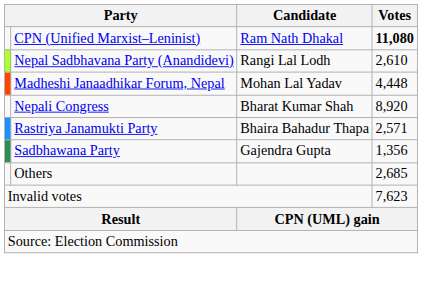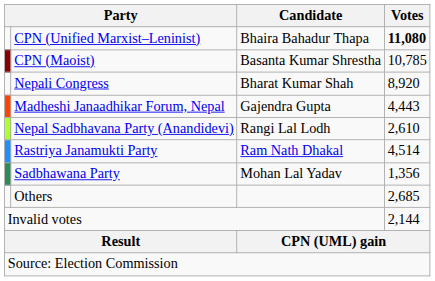 <table class="wikitable">
 <tr>
 <th colspan="2">Party</th>
 <th>Candidate</th>
 <th>Votes</th>
 </tr>
 <tr>
 <td style="background-color:"></td>
 <td><a href='#'>CPN (Unified Marxist–Leninist)</a></td>
-<td><a href='#'>Ram Nath Dhakal</a></td>
+<td>Bhaira Bahadur Thapa</td>
 <td><strong>11,080</strong></td>
+</tr>
+<tr>
+<td style="background-color:darkred"></td>
+<td><a href='#'>CPN (Maoist)</a></td>
+<td>Basanta Kumar Shrestha</td>
+<td>10,785</td>
+</tr>
+<tr>
+<td style="background-color:"></td>
+<td><a href='#'>Nepali Congress</a></td>
+<td>Bharat Kumar Shah</td>
+<td>8,920</td>
+</tr>
+<tr>
+<td style="background-color:orangered"></td>
+<td><a href='#'>Madheshi Janaadhikar Forum, Nepal</a></td>
+<td>Gajendra Gupta</td>
+<td>4,443</td>
 </tr>
 <tr>
 <td style="background-color:greenyellow"></td>
 <td><a href='#'>Nepal Sadbhavana Party (Anandidevi)</a></td>
 <td>Rangi Lal Lodh</td>
 <td>2,610</td>
 </tr>
 <tr>
-<td style="background-color:orangered"></td>
-<td><a href='#'>Madheshi Janaadhikar Forum, Nepal</a></td>
-<td>Mohan Lal Yadav</td>
-<td>4,448</td>
-</tr>
-<tr>
-<td style="background-color:"></td>
-<td><a href='#'>Nepali Congress</a></td>
-<td>Bharat Kumar Shah</td>
-<td>8,920</td>
-</tr>
-<tr>
 <td style="background-color:dodgerblue"></td>
 <td><a href='#'>Rastriya Janamukti Party</a></td>
-<td>Bhaira Bahadur Thapa</td>
-<td>2,571</td>
+<td><a href='#'>Ram Nath Dhakal</a></td>
+<td>4,514</td>
 </tr>
 <tr>
 <td style="background-color:seagreen"></td>
 <td><a href='#'>Sadbhawana Party</a></td>
-<td>Gajendra Gupta</td>
+<td>Mohan Lal Yadav</td>
 <td>1,356</td>
 </tr>
 <tr>
 <td></td>
 <td>Others</td>
 <td></td>
 <td>2,685</td>
 </tr>
 <tr>
 <td colspan="3">Invalid votes</td>
-<td>7,623</td>
+<td>2,144</td>
 </tr>
 <tr>
 <th colspan="2">Result</th>
 <th colspan="2">CPN (UML) gain</th>
 </tr>
 <tr>
 <td colspan="4">Source: Election Commission</td>
 </tr>
 </table>
